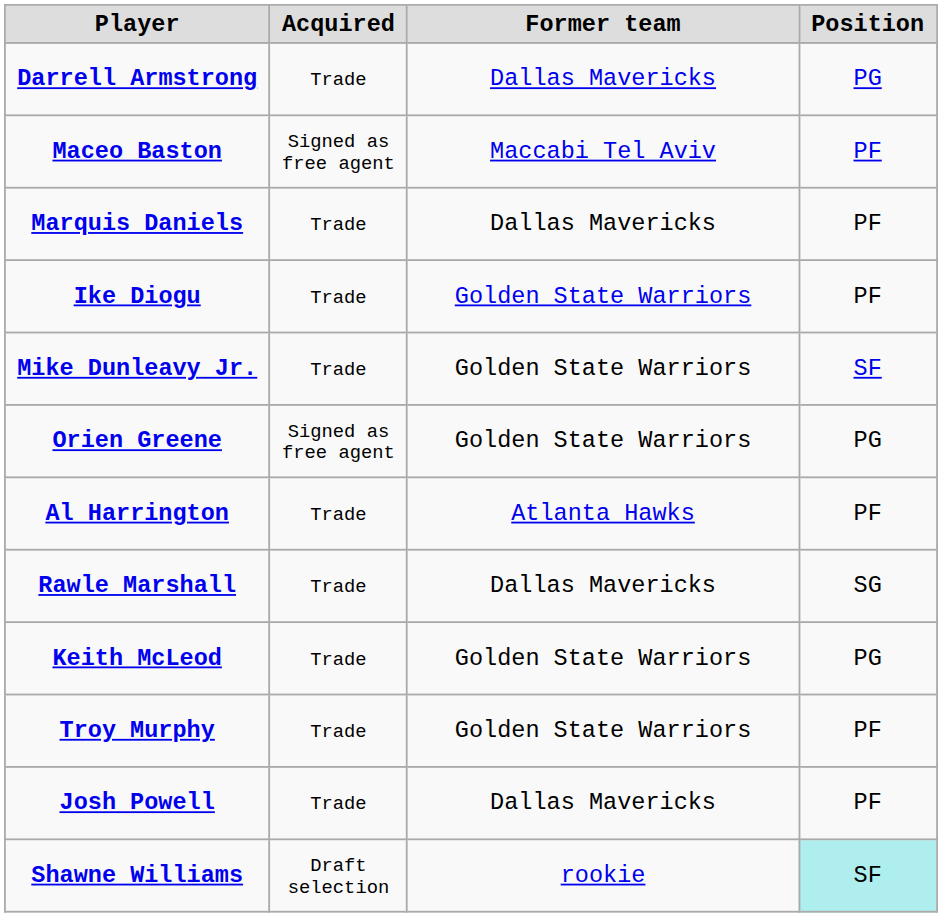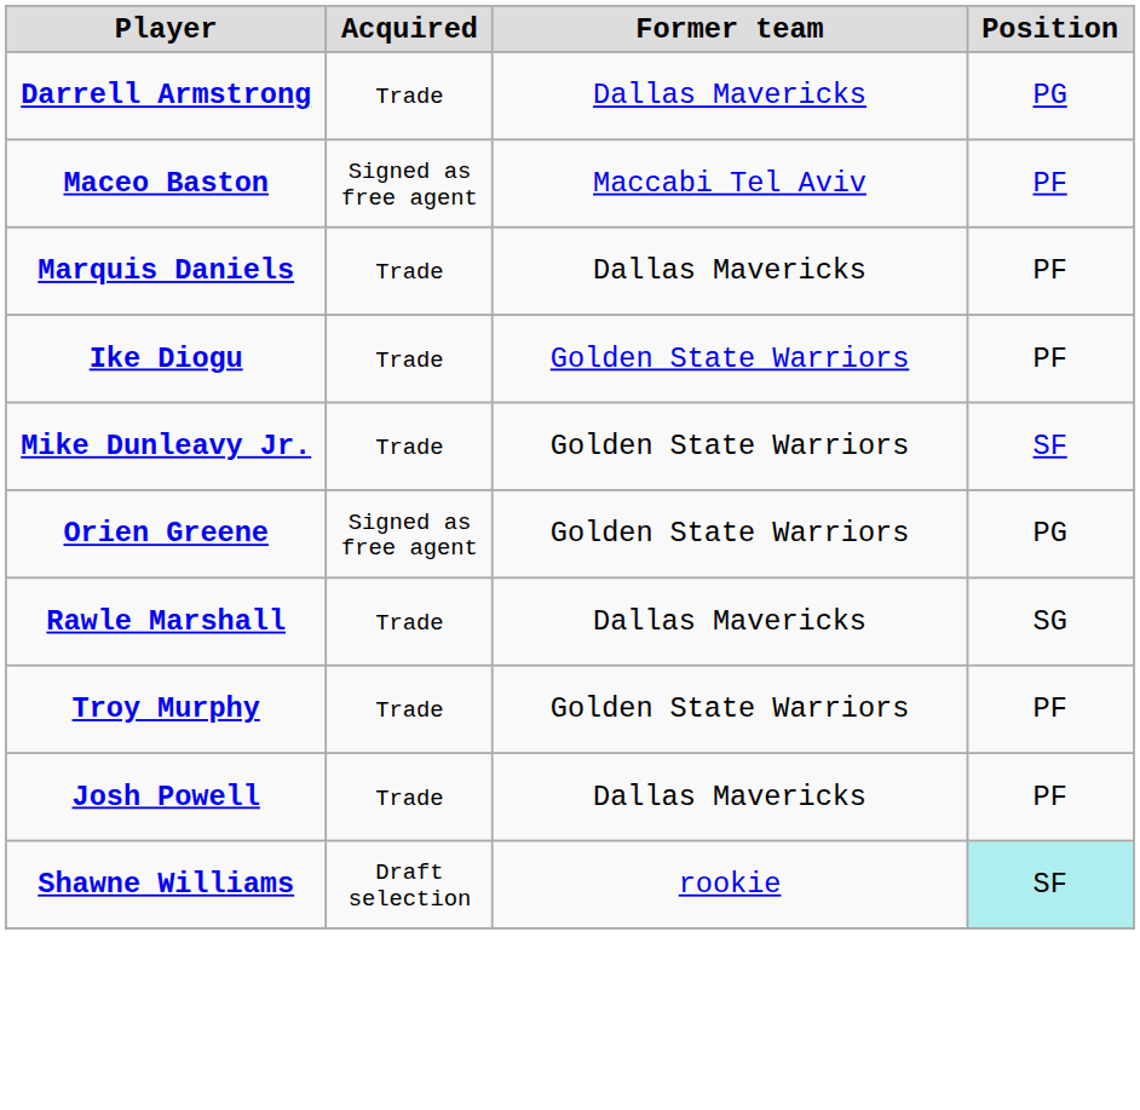 <table class="wikitable" style="text-align: center">
 <tr align="center" bgcolor="#dddddd">
 <td style="width:140px"><strong>Player</strong></td>
 <td style="width:70px"><strong>Acquired</strong></td>
 <td style="width:210px"><strong>Former team</strong></td>
 <td style="width:70px"><strong>Position</strong></td>
 </tr>
 <tr style="height:40px">
 <td><strong><a href='#'>Darrell Armstrong</a></strong></td>
 <td style="font-size: 80%">Trade</td>
 <td><a href='#'>Dallas Mavericks</a></td>
 <td><a href='#'>PG</a></td>
 </tr>
 <tr style="height:40px">
 <td><strong><a href='#'>Maceo Baston</a></strong></td>
 <td style="font-size: 80%">Signed as free agent</td>
 <td><a href='#'>Maccabi Tel Aviv</a></td>
 <td><a href='#'>PF</a></td>
 </tr>
 <tr style="height:40px">
 <td><strong><a href='#'>Marquis Daniels</a></strong></td>
 <td style="font-size: 80%">Trade</td>
 <td>Dallas Mavericks</td>
 <td>PF</td>
 </tr>
 <tr style="height:40px">
 <td><strong><a href='#'>Ike Diogu</a></strong></td>
 <td style="font-size: 80%">Trade</td>
 <td><a href='#'>Golden State Warriors</a></td>
 <td>PF</td>
 </tr>
 <tr style="height:40px">
 <td><strong><a href='#'>Mike Dunleavy Jr.</a></strong></td>
 <td style="font-size: 80%">Trade</td>
 <td>Golden State Warriors</td>
 <td><a href='#'>SF</a></td>
 </tr>
 <tr style="height:40px">
 <td><strong><a href='#'>Orien Greene</a></strong></td>
 <td style="font-size: 80%">Signed as free agent</td>
 <td>Golden State Warriors</td>
 <td>PG</td>
 </tr>
 <tr style="height:40px">
-<td><strong><a href='#'>Al Harrington</a></strong></td>
-<td style="font-size: 80%">Trade</td>
-<td><a href='#'>Atlanta Hawks</a></td>
-<td>PF</td>
-</tr>
-<tr style="height:40px">
 <td><strong><a href='#'>Rawle Marshall</a></strong></td>
 <td style="font-size: 80%">Trade</td>
 <td>Dallas Mavericks</td>
 <td>SG</td>
-</tr>
-<tr style="height:40px">
-<td><strong><a href='#'>Keith McLeod</a></strong></td>
-<td style="font-size: 80%">Trade</td>
-<td>Golden State Warriors</td>
-<td>PG</td>
 </tr>
 <tr style="height:40px">
 <td><strong><a href='#'>Troy Murphy</a></strong></td>
 <td style="font-size: 80%">Trade</td>
 <td>Golden State Warriors</td>
 <td>PF</td>
 </tr>
 <tr style="height:40px">
 <td><strong><a href='#'>Josh Powell</a></strong></td>
 <td style="font-size: 80%">Trade</td>
 <td>Dallas Mavericks</td>
 <td>PF</td>
 </tr>
 <tr style="height:40px">
 <td><strong><a href='#'>Shawne Williams</a></strong></td>
 <td style="font-size: 80%">Draft selection</td>
 <td><a href='#'>rookie</a></td>
 <td style="background: paleturquoise;">SF</td>
 </tr>
 </table>
